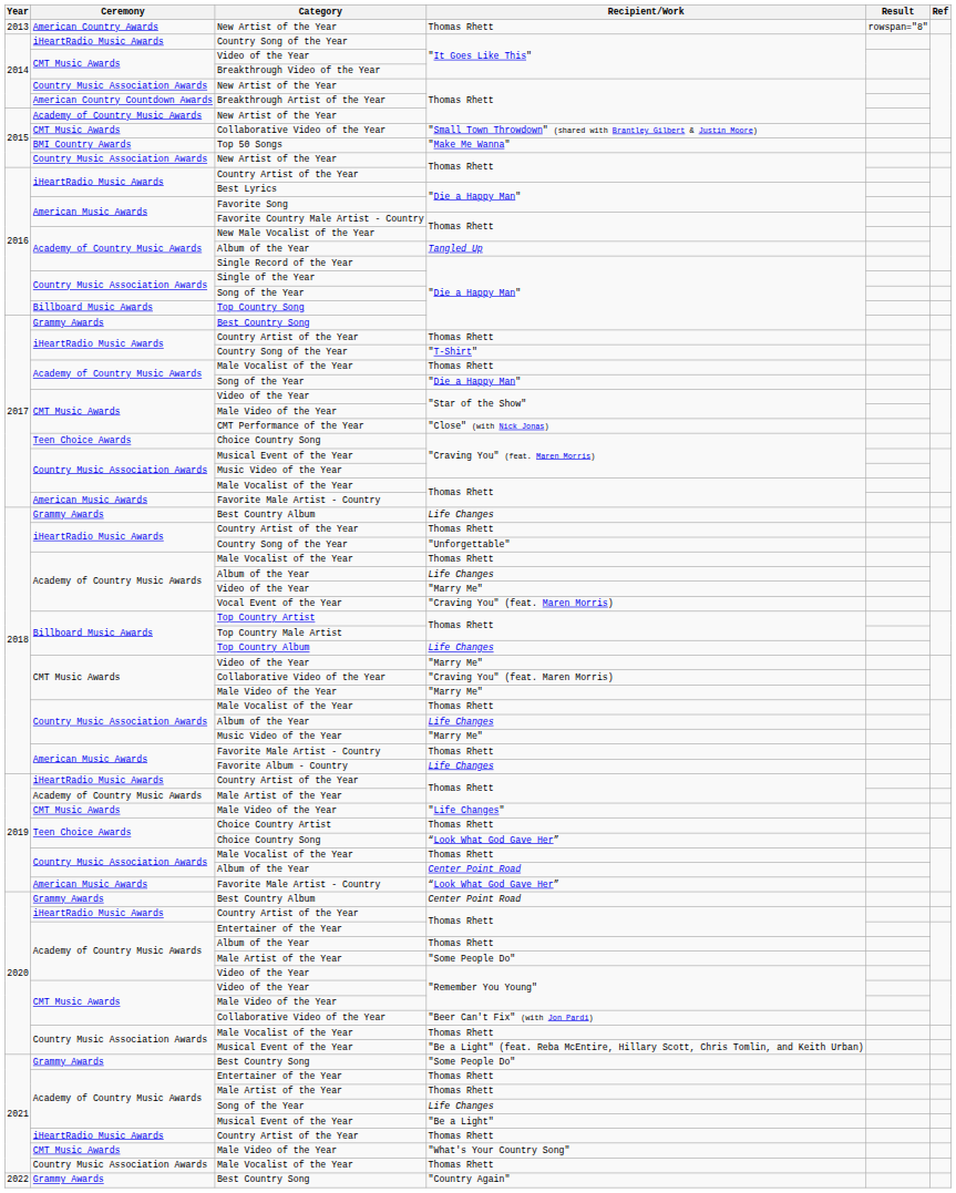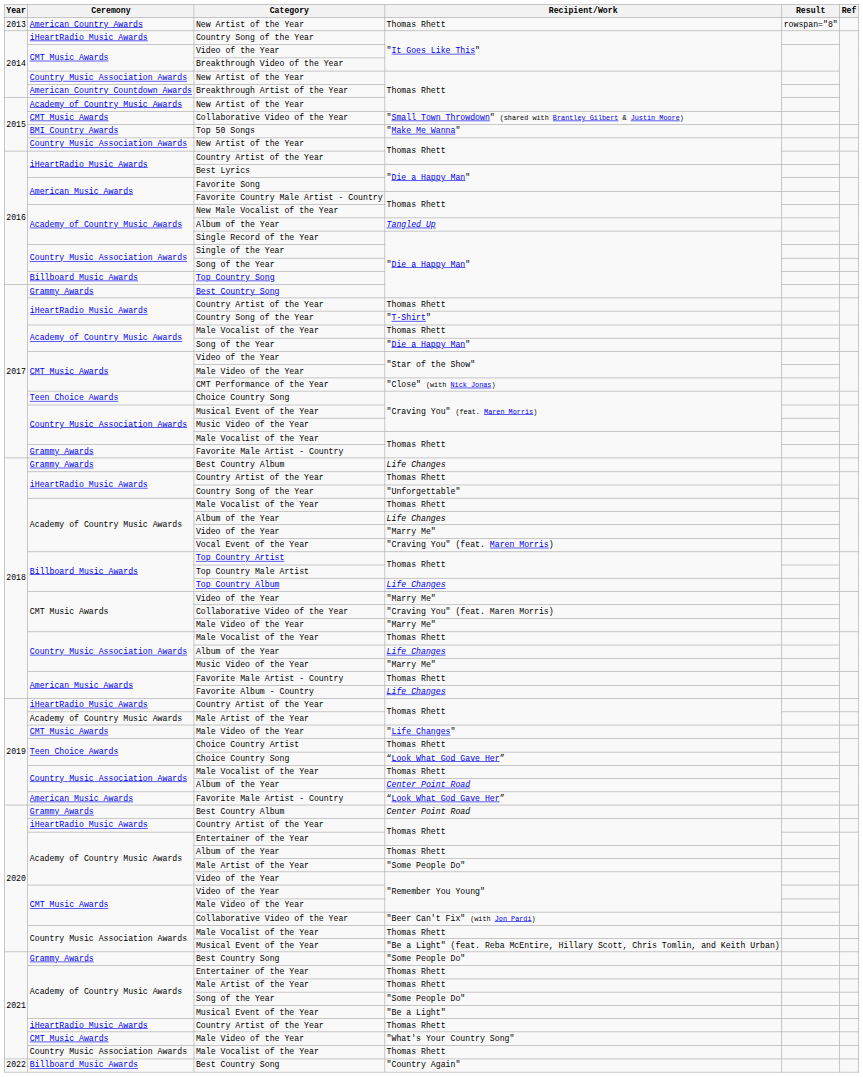 <table class="wikitable">
 <tr>
 <th>Year</th>
 <th>Ceremony</th>
 <th>Category</th>
 <th>Recipient/Work</th>
 <th>Result</th>
 <th>Ref</th>
 </tr>
 <tr>
 <td>2013</td>
 <td><a href='#'>American Country Awards</a></td>
 <td>New Artist of the Year</td>
 <td>Thomas Rhett</td>
 <td>rowspan="8" </td>
 <td></td>
 </tr>
 <tr>
 <td rowspan="5">2014</td>
 <td><a href='#'>iHeartRadio Music Awards</a></td>
 <td>Country Song of the Year</td>
 <td rowspan="3">"<a href='#'>It Goes Like This</a>"</td>
 <td></td>
 </tr>
 <tr>
 <td rowspan="2"><a href='#'>CMT Music Awards</a></td>
 <td>Video of the Year</td>
 <td rowspan=2></td>
 </tr>
 <tr>
 <td>Breakthrough Video of the Year</td>
 </tr>
 <tr>
 <td><a href='#'>Country Music Association Awards</a></td>
 <td>New Artist of the Year</td>
 <td rowspan="3">Thomas Rhett</td>
 <td></td>
 </tr>
 <tr>
 <td><a href='#'>American Country Countdown Awards</a></td>
 <td>Breakthrough Artist of the Year</td>
 <td></td>
 </tr>
 <tr>
 <td rowspan="4">2015</td>
 <td><a href='#'>Academy of Country Music Awards</a></td>
 <td>New Artist of the Year</td>
 <td></td>
 </tr>
 <tr>
 <td><a href='#'>CMT Music Awards</a></td>
 <td>Collaborative Video of the Year</td>
 <td>"<a href='#'>Small Town Throwdown</a>" <small>(shared with <a href='#'>Brantley Gilbert</a> & <a href='#'>Justin Moore</a>)</small></td>
 <td></td>
 </tr>
 <tr>
 <td><a href='#'>BMI Country Awards</a></td>
 <td>Top 50 Songs</td>
 <td>"<a href='#'>Make Me Wanna</a>"</td>
 <td></td>
 <td></td>
 </tr>
 <tr>
 <td><a href='#'>Country Music Association Awards</a></td>
 <td>New Artist of the Year</td>
 <td rowspan="2">Thomas Rhett</td>
 <td></td>
 <td></td>
 </tr>
 <tr>
 <td rowspan="10">2016</td>
 <td rowspan="2"><a href='#'>iHeartRadio Music Awards</a></td>
 <td>Country Artist of the Year</td>
 <td></td>
 <td rowspan=2></td>
 </tr>
 <tr>
 <td>Best Lyrics</td>
 <td rowspan=2>"<a href='#'>Die a Happy Man</a>"</td>
 <td></td>
 </tr>
 <tr>
 <td rowspan="2"><a href='#'>American Music Awards</a></td>
 <td>Favorite Song</td>
 <td></td>
 <td rowspan=2></td>
 </tr>
 <tr>
 <td>Favorite Country Male Artist - Country</td>
 <td rowspan=2>Thomas Rhett</td>
 <td></td>
 </tr>
 <tr>
 <td rowspan=3><a href='#'>Academy of Country Music Awards</a></td>
 <td>New Male Vocalist of the Year</td>
 <td></td>
 <td rowspan=3></td>
 </tr>
 <tr>
 <td>Album of the Year</td>
 <td><em><a href='#'>Tangled Up</a></em></td>
 <td></td>
 </tr>
 <tr>
 <td>Single Record of the Year</td>
 <td rowspan=5>"<a href='#'>Die a Happy Man</a>"</td>
 <td></td>
 </tr>
 <tr>
 <td rowspan=2><a href='#'>Country Music Association Awards</a></td>
 <td>Single of the Year</td>
 <td></td>
 <td></td>
 </tr>
 <tr>
 <td>Song of the Year</td>
 <td></td>
 <td></td>
 </tr>
 <tr>
 <td><a href='#'>Billboard Music Awards</a></td>
 <td><a href='#'>Top Country Song</a></td>
 <td></td>
 <td></td>
 </tr>
 <tr>
 <td rowspan="13">2017</td>
 <td><a href='#'>Grammy Awards</a></td>
 <td><a href='#'>Best Country Song</a></td>
 <td></td>
 <td></td>
 </tr>
 <tr>
 <td rowspan="2"><a href='#'>iHeartRadio Music Awards</a></td>
 <td>Country Artist of the Year</td>
 <td>Thomas Rhett</td>
 <td></td>
 <td rowspan=2></td>
 </tr>
 <tr>
 <td>Country Song of the Year</td>
 <td>"<a href='#'>T-Shirt</a>"</td>
 <td></td>
 </tr>
 <tr>
 <td rowspan=2><a href='#'>Academy of Country Music Awards</a></td>
 <td>Male Vocalist of the Year</td>
 <td>Thomas Rhett</td>
 <td></td>
 <td rowspan=2></td>
 </tr>
 <tr>
 <td>Song of the Year</td>
 <td>"<a href='#'>Die a Happy Man</a>"</td>
 <td></td>
 </tr>
 <tr>
 <td rowspan=3><a href='#'>CMT Music Awards</a></td>
 <td>Video of the Year</td>
 <td rowspan=2>"Star of the Show"</td>
 <td></td>
 <td rowspan=3></td>
 </tr>
 <tr>
 <td>Male Video of the Year</td>
 <td></td>
 </tr>
 <tr>
 <td>CMT Performance of the Year</td>
 <td>"Close" <small>(with <a href='#'>Nick Jonas</a>)</small></td>
 <td></td>
 </tr>
 <tr>
 <td><a href='#'>Teen Choice Awards</a></td>
 <td>Choice Country Song</td>
 <td rowspan=3>"Craving You" <small>(feat. <a href='#'>Maren Morris</a>)</small></td>
 <td></td>
 <td></td>
 </tr>
 <tr>
 <td rowspan=3><a href='#'>Country Music Association Awards</a></td>
 <td>Musical Event of the Year</td>
 <td></td>
 <td rowspan=3></td>
 </tr>
 <tr>
 <td>Music Video of the Year</td>
 <td></td>
 </tr>
 <tr>
 <td>Male Vocalist of the Year</td>
 <td rowspan=2>Thomas Rhett</td>
 <td></td>
 </tr>
 <tr>
-<td><a href='#'>American Music Awards</a></td>
+<td><a href='#'>Grammy Awards</a></td>
 <td>Favorite Male Artist - Country</td>
 <td></td>
 <td></td>
 </tr>
 <tr>
 <td rowspan="18">2018</td>
 <td><a href='#'>Grammy Awards</a></td>
 <td>Best Country Album</td>
 <td><em>Life Changes</em></td>
 <td></td>
 <td></td>
 </tr>
 <tr>
 <td rowspan=2><a href='#'>iHeartRadio Music Awards</a></td>
 <td>Country Artist of the Year</td>
 <td>Thomas Rhett</td>
 <td></td>
 <td rowspan=2></td>
 </tr>
 <tr>
 <td>Country Song of the Year</td>
 <td>"Unforgettable"</td>
 <td></td>
 </tr>
 <tr>
 <td rowspan="4">Academy of Country Music Awards</td>
 <td>Male Vocalist of the Year</td>
 <td>Thomas Rhett</td>
 <td></td>
 <td rowspan="4"></td>
 </tr>
 <tr>
 <td>Album of the Year</td>
 <td><em>Life Changes</em></td>
 <td></td>
 </tr>
 <tr>
 <td>Video of the Year</td>
 <td>"Marry Me"</td>
 <td></td>
 </tr>
 <tr>
 <td>Vocal Event of the Year</td>
 <td>"Craving You" (feat. <a href='#'>Maren Morris</a>)</td>
 <td></td>
 </tr>
 <tr>
 <td rowspan=3><a href='#'>Billboard Music Awards</a></td>
 <td><a href='#'>Top Country Artist</a></td>
 <td rowspan="2">Thomas Rhett</td>
 <td></td>
 <td rowspan=3></td>
 </tr>
 <tr>
 <td>Top Country Male Artist</td>
 <td></td>
 </tr>
 <tr>
 <td><a href='#'>Top Country Album</a></td>
 <td><em><a href='#'>Life Changes</a></em></td>
 <td></td>
 </tr>
 <tr>
 <td rowspan="3">CMT Music Awards</td>
 <td>Video of the Year</td>
 <td>"Marry Me"</td>
 <td></td>
 <td rowspan="3"></td>
 </tr>
 <tr>
 <td>Collaborative Video of the Year</td>
 <td>"Craving You" (feat. Maren Morris)</td>
 <td></td>
 </tr>
 <tr>
 <td>Male Video of the Year</td>
 <td>"Marry Me"</td>
 <td></td>
 </tr>
 <tr>
 <td rowspan="3"><a href='#'>Country Music Association Awards</a></td>
 <td>Male Vocalist of the Year</td>
 <td>Thomas Rhett</td>
 <td></td>
 <td rowspan="3"></td>
 </tr>
 <tr>
 <td>Album of the Year</td>
 <td><em><a href='#'>Life Changes</a></em></td>
 <td></td>
 </tr>
 <tr>
 <td>Music Video of the Year</td>
 <td>"Marry Me"</td>
 <td></td>
 </tr>
 <tr>
 <td rowspan=2><a href='#'>American Music Awards</a></td>
 <td>Favorite Male Artist - Country</td>
 <td>Thomas Rhett</td>
 <td></td>
 <td rowspan=2></td>
 </tr>
 <tr>
 <td>Favorite Album - Country</td>
 <td><em><a href='#'>Life Changes</a></em></td>
 <td></td>
 </tr>
 <tr>
 <td rowspan="8">2019</td>
 <td><a href='#'>iHeartRadio Music Awards</a></td>
 <td>Country Artist of the Year</td>
 <td rowspan="2">Thomas Rhett</td>
 <td></td>
 <td></td>
 </tr>
 <tr>
 <td>Academy of Country Music Awards</td>
 <td>Male Artist of the Year</td>
 <td></td>
 <td></td>
 </tr>
 <tr>
 <td><a href='#'>CMT Music Awards</a></td>
 <td>Male Video of the Year</td>
 <td>"<a href='#'>Life Changes</a>"</td>
 <td></td>
 <td></td>
 </tr>
 <tr>
 <td rowspan=2><a href='#'>Teen Choice Awards</a></td>
 <td>Choice Country Artist</td>
 <td>Thomas Rhett</td>
 <td></td>
 <td rowspan=2></td>
 </tr>
 <tr>
 <td>Choice Country Song</td>
 <td>“<a href='#'>Look What God Gave Her</a>”</td>
 <td></td>
 </tr>
 <tr>
 <td rowspan="2"><a href='#'>Country Music Association Awards</a></td>
 <td>Male Vocalist of the Year</td>
 <td>Thomas Rhett</td>
 <td></td>
 <td rowspan="3"></td>
 </tr>
 <tr>
 <td>Album of the Year</td>
 <td><em><a href='#'>Center Point Road</a></em></td>
 <td></td>
 </tr>
 <tr>
 <td><a href='#'>American Music Awards</a></td>
 <td>Favorite Male Artist - Country</td>
 <td>“<a href='#'>Look What God Gave Her</a>”</td>
 <td></td>
 </tr>
 <tr>
 <td rowspan="11">2020</td>
 <td><a href='#'>Grammy Awards</a></td>
 <td>Best Country Album</td>
 <td><em>Center Point Road</em></td>
 <td></td>
 <td></td>
 </tr>
 <tr>
 <td><a href='#'>iHeartRadio Music Awards</a></td>
 <td>Country Artist of the Year</td>
 <td rowspan="2">Thomas Rhett</td>
 <td></td>
 <td></td>
 </tr>
 <tr>
 <td rowspan="4">Academy of Country Music Awards</td>
 <td>Entertainer of the Year</td>
 <td></td>
 <td rowspan="4"></td>
 </tr>
 <tr>
 <td>Album of the Year</td>
 <td>Thomas Rhett</td>
 <td></td>
 </tr>
 <tr>
 <td>Male Artist of the Year</td>
 <td>"Some People Do"</td>
 <td></td>
 </tr>
 <tr>
 <td>Video of the Year</td>
 <td rowspan=3>"Remember You Young"</td>
 <td></td>
 </tr>
 <tr>
 <td rowspan=3><a href='#'>CMT Music Awards</a></td>
 <td>Video of the Year</td>
 <td></td>
 <td rowspan=3></td>
 </tr>
 <tr>
 <td>Male Video of the Year</td>
 <td></td>
 </tr>
 <tr>
 <td>Collaborative Video of the Year</td>
 <td>"Beer Can't Fix" <small>(with <a href='#'>Jon Pardi</a>)</small></td>
 <td></td>
 </tr>
 <tr>
 <td rowspan="2">Country Music Association Awards</td>
 <td>Male Vocalist of the Year</td>
 <td>Thomas Rhett</td>
 <td></td>
 <td></td>
 </tr>
 <tr>
 <td>Musical Event of the Year</td>
 <td>"Be a Light" (feat. Reba McEntire, Hillary Scott, Chris Tomlin, and Keith Urban)</td>
 <td></td>
 </tr>
 <tr>
 <td rowspan="8">2021</td>
 <td><a href='#'>Grammy Awards</a></td>
 <td>Best Country Song</td>
 <td>"Some People Do"</td>
 <td></td>
 <td></td>
 </tr>
 <tr rowspan="4">
 <td rowspan="4">Academy of Country Music Awards</td>
 <td>Entertainer of the Year</td>
 <td>Thomas Rhett</td>
 <td></td>
 <td></td>
 </tr>
 <tr>
 <td>Male Artist of the Year</td>
 <td>Thomas Rhett</td>
 <td></td>
 <td></td>
 </tr>
 <tr>
 <td>Song of the Year</td>
-<td><em>Life Changes</em></td>
+<td>"Some People Do"</td>
 <td></td>
 <td></td>
 </tr>
 <tr>
 <td>Musical Event of the Year</td>
 <td>"Be a Light"</td>
 <td></td>
 <td></td>
 </tr>
 <tr>
 <td><a href='#'>iHeartRadio Music Awards</a></td>
 <td>Country Artist of the Year</td>
 <td>Thomas Rhett</td>
 <td></td>
 <td></td>
 </tr>
 <tr>
 <td><a href='#'>CMT Music Awards</a></td>
 <td>Male Video of the Year</td>
 <td>"What's Your Country Song"</td>
 <td></td>
 <td></td>
 </tr>
 <tr>
 <td>Country Music Association Awards</td>
 <td>Male Vocalist of the Year</td>
 <td>Thomas Rhett</td>
 <td></td>
 <td></td>
 </tr>
 <tr>
 <td rowspan="1">2022</td>
-<td><a href='#'>Grammy Awards</a></td>
+<td><a href='#'>Billboard Music Awards</a></td>
 <td>Best Country Song</td>
 <td>"Country Again"</td>
 <td></td>
 <td></td>
 </tr>
 </table>
